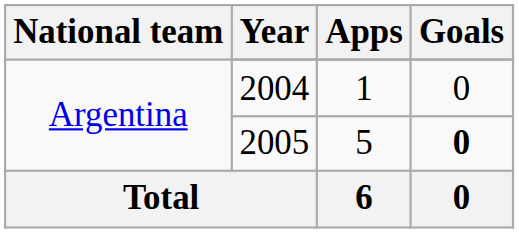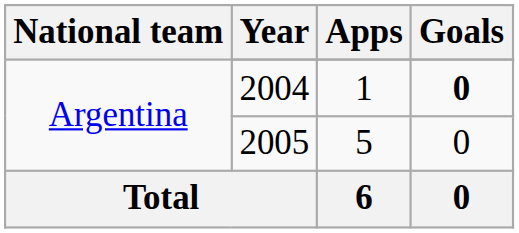 <table class="wikitable" style="text-align:center">
 <tr>
 <th>National team</th>
 <th>Year</th>
 <th>Apps</th>
 <th>Goals</th>
 </tr>
 <tr>
 <td rowspan="3"><a href='#'>Argentina</a></td>
 </tr>
 <tr>
 <td>2004</td>
 <td>1</td>
-<td>0</td>
+<td><strong>0</strong></td>
 </tr>
 <tr>
 <td>2005</td>
 <td>5</td>
-<td><strong>0</strong></td>
+<td>0</td>
 </tr>
 <tr>
 <th colspan="2">Total</th>
 <th>6</th>
 <th>0</th>
 </tr>
 </table>
